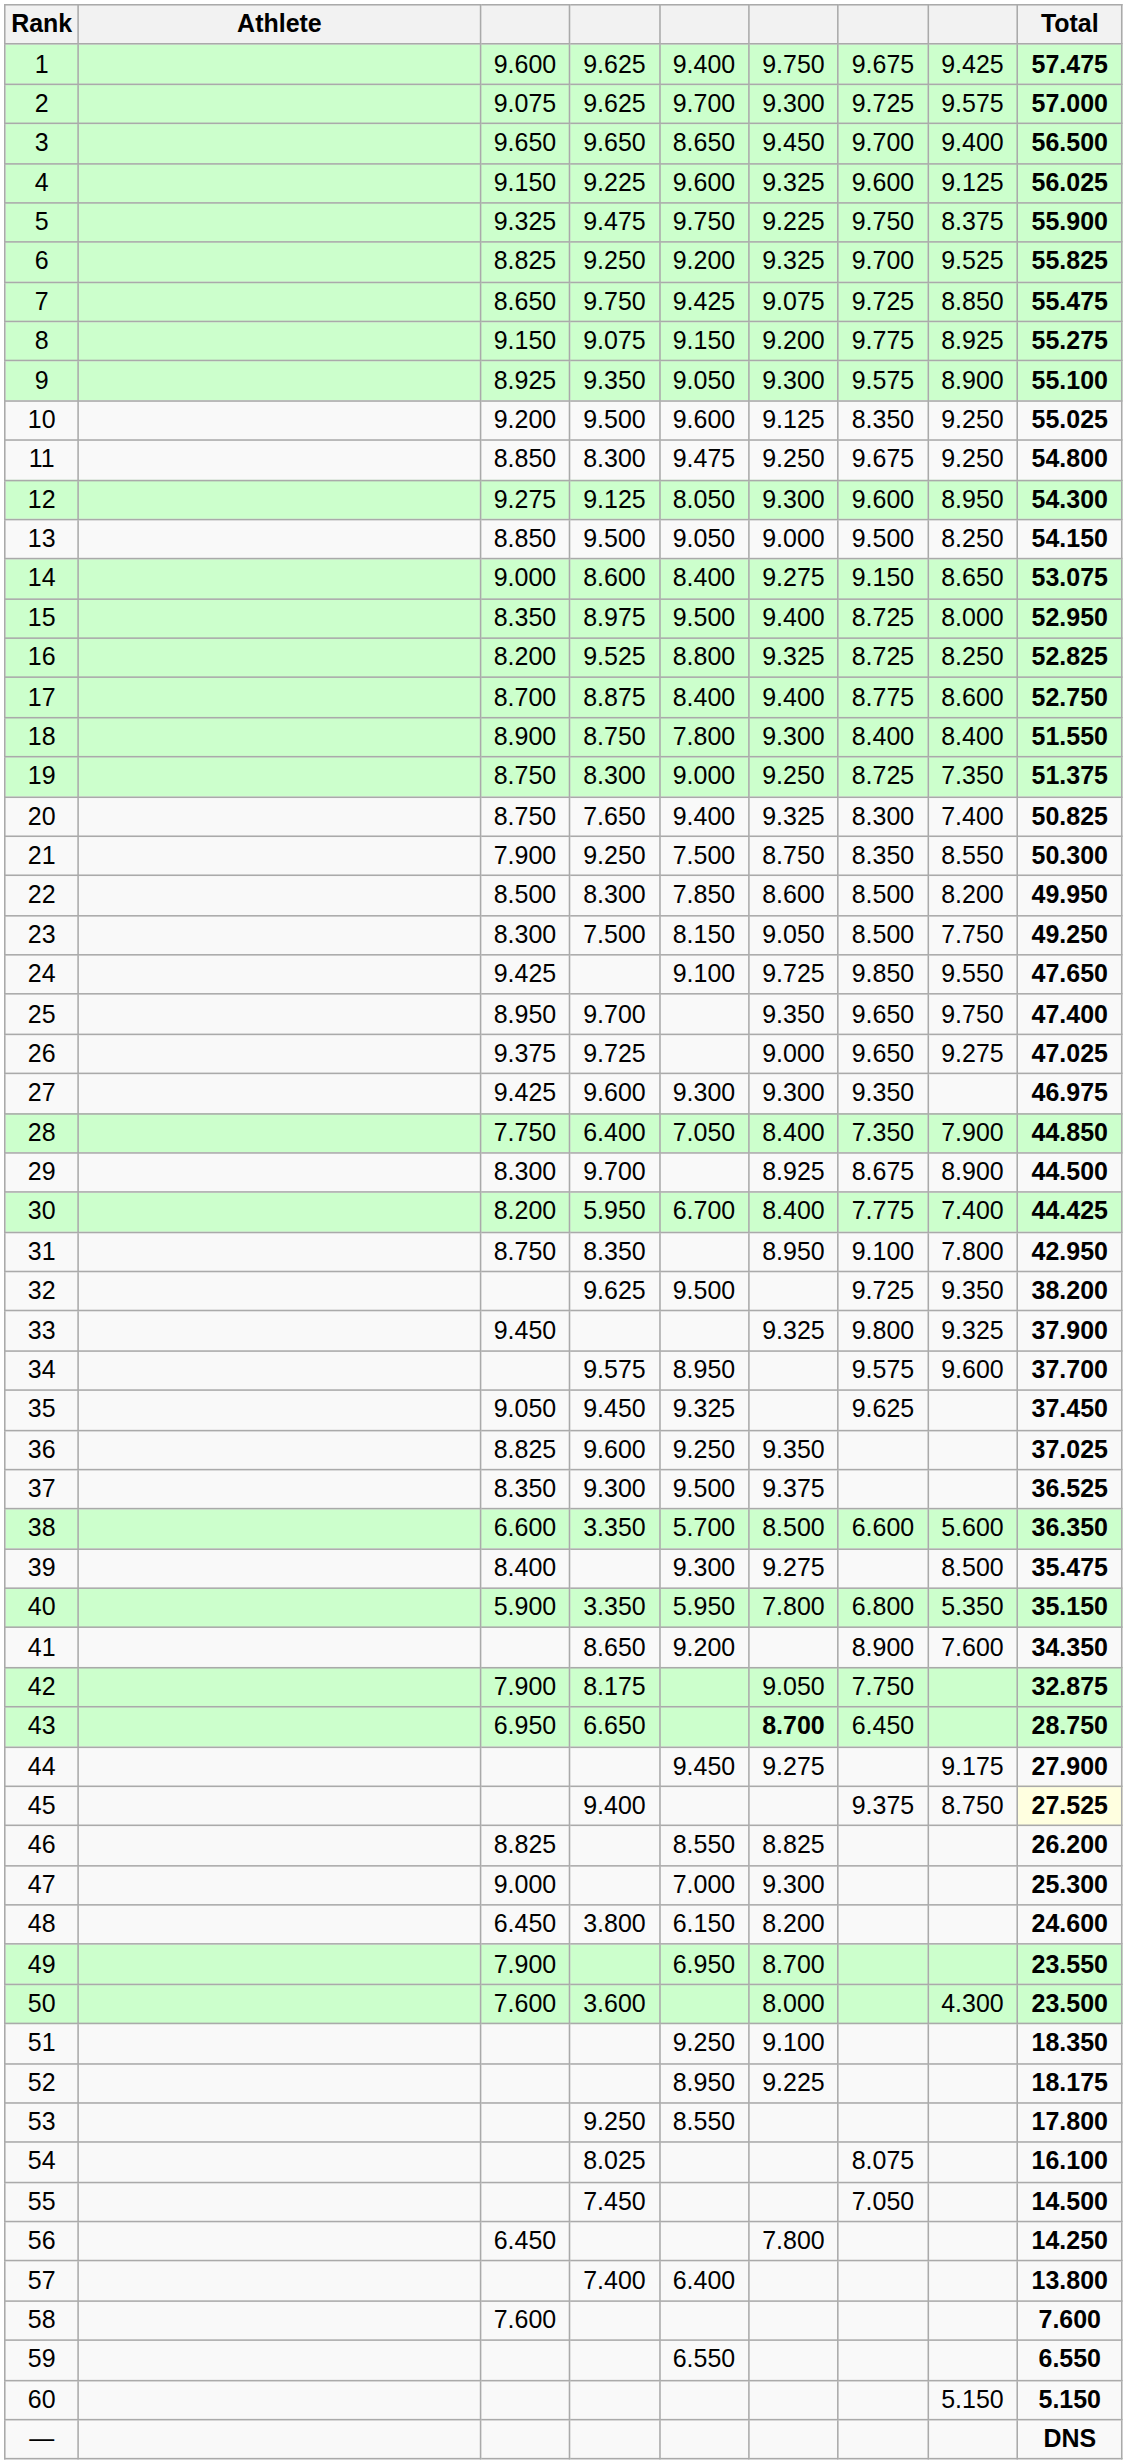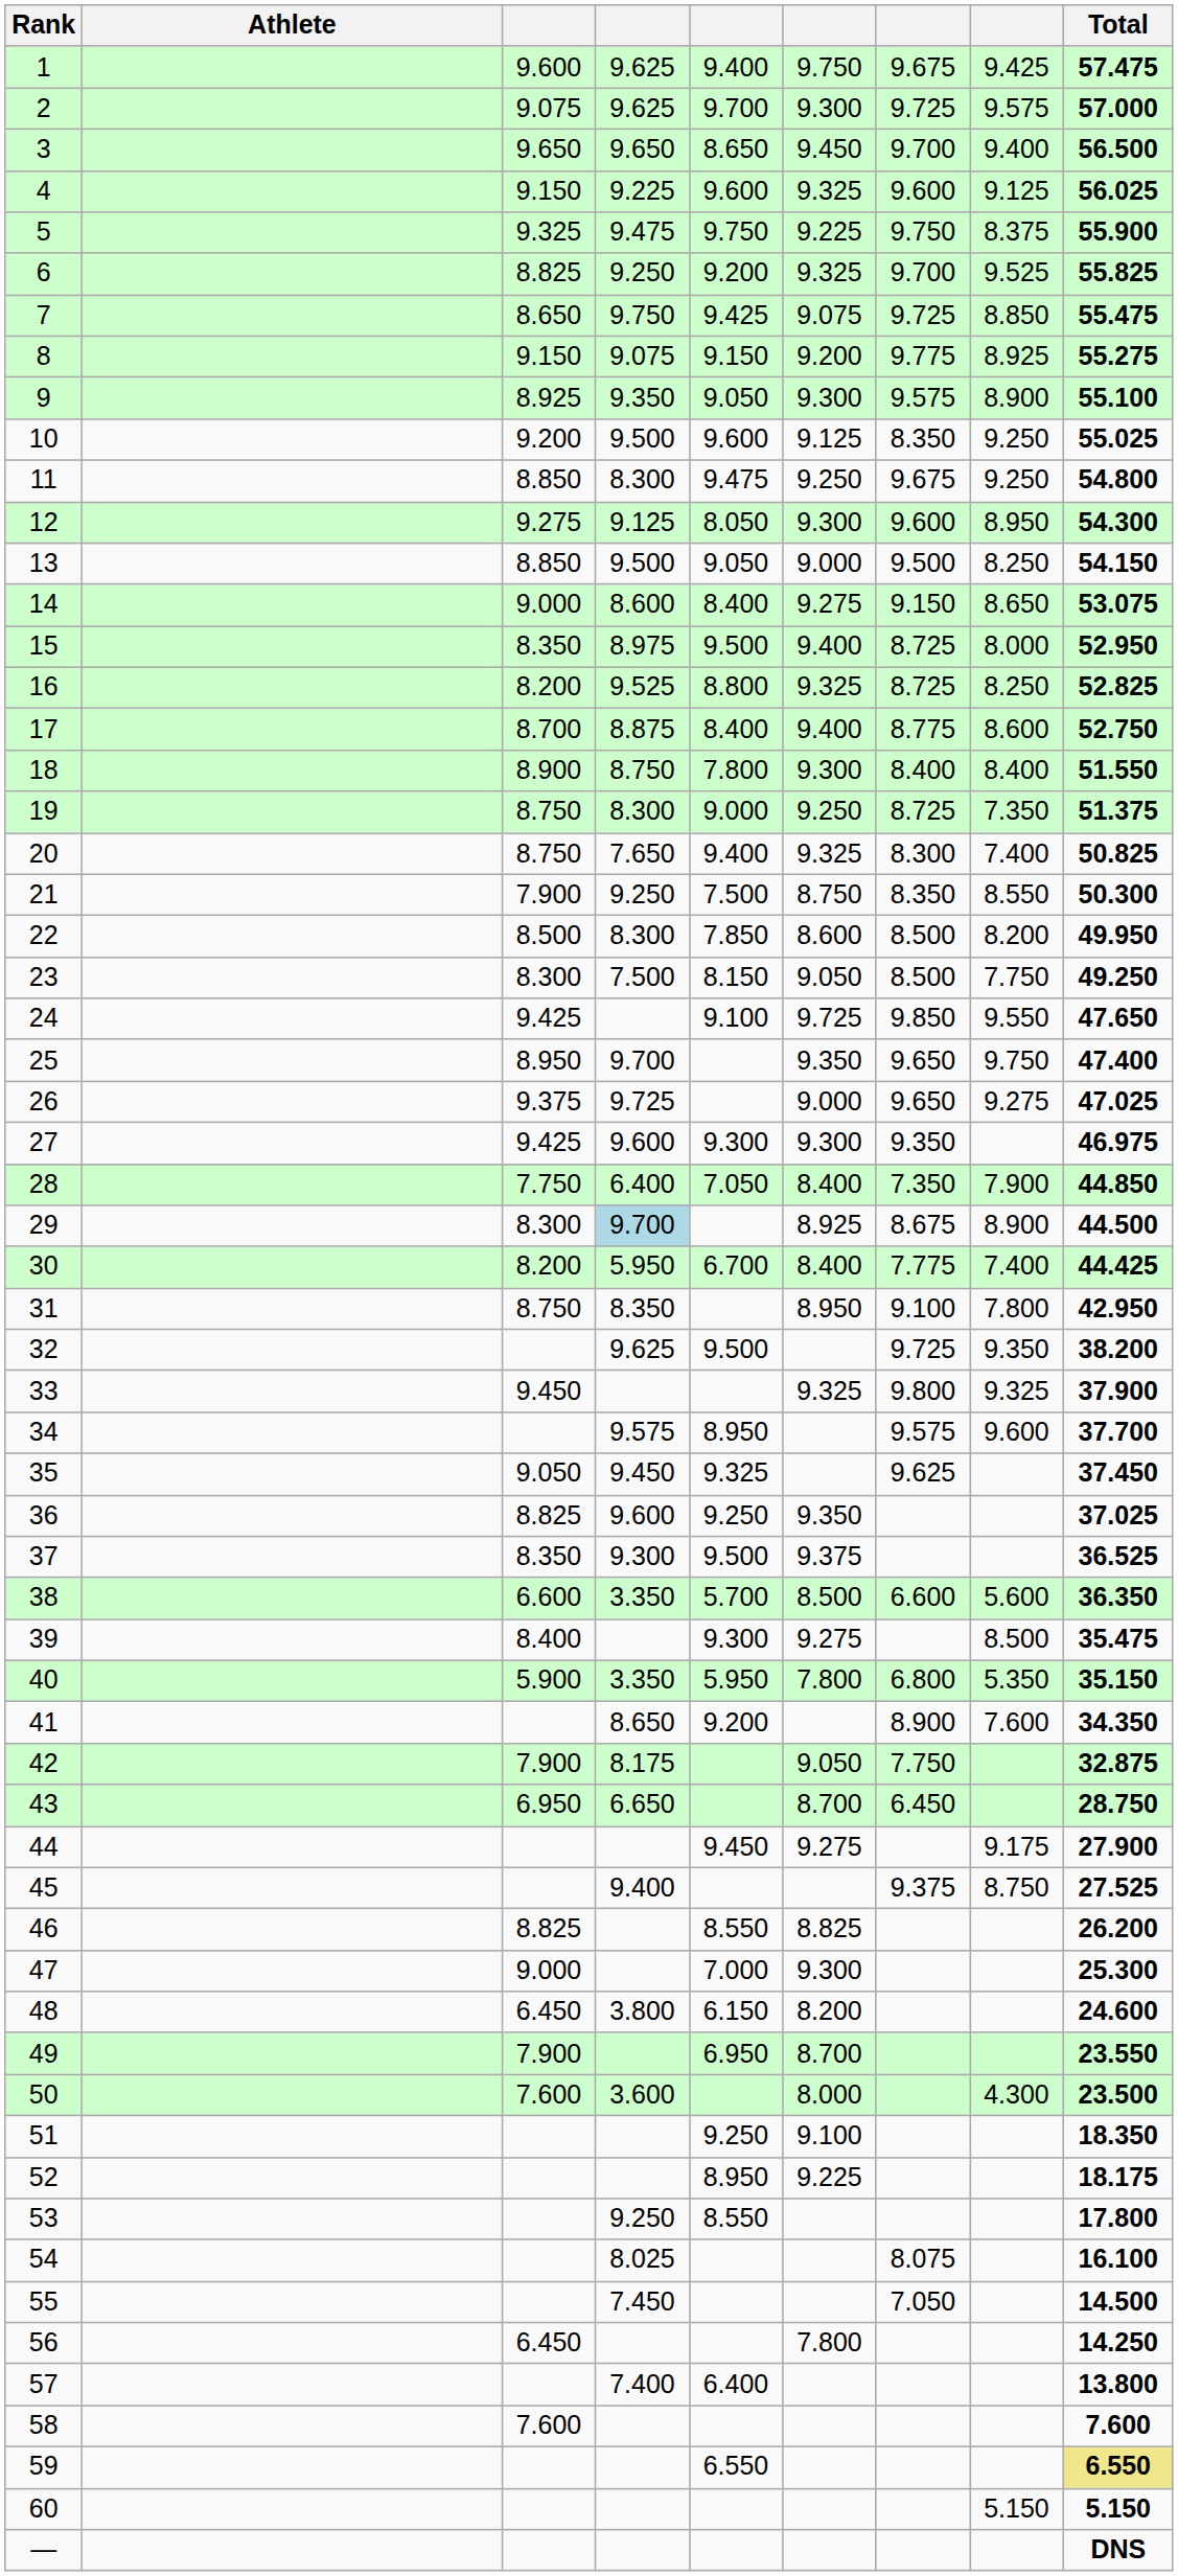 <table class=wikitable style="text-align:center">
 <tr>
 <th width=40>Rank</th>
 <th width=250>Athlete</th>
 <th width=50></th>
 <th width=50></th>
 <th width=50></th>
 <th width=50></th>
 <th width=50></th>
 <th width=50></th>
 <th width=60>Total</th>
 </tr>
 <tr bgcolor="ccffcc">
 <td>1</td>
 <td align=left></td>
 <td>9.600</td>
 <td>9.625</td>
 <td>9.400</td>
 <td>9.750</td>
 <td>9.675</td>
 <td>9.425</td>
 <td><strong>57.475</strong></td>
 </tr>
 <tr bgcolor="ccffcc">
 <td>2</td>
 <td align=left></td>
 <td>9.075</td>
 <td>9.625</td>
 <td>9.700</td>
 <td>9.300</td>
 <td>9.725</td>
 <td>9.575</td>
 <td><strong>57.000</strong></td>
 </tr>
 <tr bgcolor="ccffcc">
 <td>3</td>
 <td align=left></td>
 <td>9.650</td>
 <td>9.650</td>
 <td>8.650</td>
 <td>9.450</td>
 <td>9.700</td>
 <td>9.400</td>
 <td><strong>56.500</strong></td>
 </tr>
 <tr bgcolor="ccffcc">
 <td>4</td>
 <td align=left></td>
 <td>9.150</td>
 <td>9.225</td>
 <td>9.600</td>
 <td>9.325</td>
 <td>9.600</td>
 <td>9.125</td>
 <td><strong>56.025</strong></td>
 </tr>
 <tr bgcolor="ccffcc">
 <td>5</td>
 <td align=left></td>
 <td>9.325</td>
 <td>9.475</td>
 <td>9.750</td>
 <td>9.225</td>
 <td>9.750</td>
 <td>8.375</td>
 <td><strong>55.900</strong></td>
 </tr>
 <tr bgcolor="ccffcc">
 <td>6</td>
 <td align=left></td>
 <td>8.825</td>
 <td>9.250</td>
 <td>9.200</td>
 <td>9.325</td>
 <td>9.700</td>
 <td>9.525</td>
 <td><strong>55.825</strong></td>
 </tr>
 <tr bgcolor="ccffcc">
 <td>7</td>
 <td align=left></td>
 <td>8.650</td>
 <td>9.750</td>
 <td>9.425</td>
 <td>9.075</td>
 <td>9.725</td>
 <td>8.850</td>
 <td><strong>55.475</strong></td>
 </tr>
 <tr bgcolor="ccffcc">
 <td>8</td>
 <td align=left></td>
 <td>9.150</td>
 <td>9.075</td>
 <td>9.150</td>
 <td>9.200</td>
 <td>9.775</td>
 <td>8.925</td>
 <td><strong>55.275</strong></td>
 </tr>
 <tr bgcolor="ccffcc">
 <td>9</td>
 <td align=left></td>
 <td>8.925</td>
 <td>9.350</td>
 <td>9.050</td>
 <td>9.300</td>
 <td>9.575</td>
 <td>8.900</td>
 <td><strong>55.100</strong></td>
 </tr>
 <tr>
 <td>10</td>
 <td align=left></td>
 <td>9.200</td>
 <td>9.500</td>
 <td>9.600</td>
 <td>9.125</td>
 <td>8.350</td>
 <td>9.250</td>
 <td><strong>55.025</strong></td>
 </tr>
 <tr>
 <td>11</td>
 <td align=left></td>
 <td>8.850</td>
 <td>8.300</td>
 <td>9.475</td>
 <td>9.250</td>
 <td>9.675</td>
 <td>9.250</td>
 <td><strong>54.800</strong></td>
 </tr>
 <tr bgcolor="ccffcc">
 <td>12</td>
 <td align=left></td>
 <td>9.275</td>
 <td>9.125</td>
 <td>8.050</td>
 <td>9.300</td>
 <td>9.600</td>
 <td>8.950</td>
 <td><strong>54.300</strong></td>
 </tr>
 <tr>
 <td>13</td>
 <td align=left></td>
 <td>8.850</td>
 <td>9.500</td>
 <td>9.050</td>
 <td>9.000</td>
 <td>9.500</td>
 <td>8.250</td>
 <td><strong>54.150</strong></td>
 </tr>
 <tr bgcolor="ccffcc">
 <td>14</td>
 <td align=left></td>
 <td>9.000</td>
 <td>8.600</td>
 <td>8.400</td>
 <td>9.275</td>
 <td>9.150</td>
 <td>8.650</td>
 <td><strong>53.075</strong></td>
 </tr>
 <tr bgcolor="ccffcc">
 <td>15</td>
 <td align=left></td>
 <td>8.350</td>
 <td>8.975</td>
 <td>9.500</td>
 <td>9.400</td>
 <td>8.725</td>
 <td>8.000</td>
 <td><strong>52.950</strong></td>
 </tr>
 <tr bgcolor="ccffcc">
 <td>16</td>
 <td align=left></td>
 <td>8.200</td>
 <td>9.525</td>
 <td>8.800</td>
 <td>9.325</td>
 <td>8.725</td>
 <td>8.250</td>
 <td><strong>52.825</strong></td>
 </tr>
 <tr bgcolor="ccffcc">
 <td>17</td>
 <td align=left></td>
 <td>8.700</td>
 <td>8.875</td>
 <td>8.400</td>
 <td>9.400</td>
 <td>8.775</td>
 <td>8.600</td>
 <td><strong>52.750</strong></td>
 </tr>
 <tr bgcolor="ccffcc">
 <td>18</td>
 <td align=left></td>
 <td>8.900</td>
 <td>8.750</td>
 <td>7.800</td>
 <td>9.300</td>
 <td>8.400</td>
 <td>8.400</td>
 <td><strong>51.550</strong></td>
 </tr>
 <tr bgcolor="ccffcc">
 <td>19</td>
 <td align=left></td>
 <td>8.750</td>
 <td>8.300</td>
 <td>9.000</td>
 <td>9.250</td>
 <td>8.725</td>
 <td>7.350</td>
 <td><strong>51.375</strong></td>
 </tr>
 <tr>
 <td>20</td>
 <td align=left></td>
 <td>8.750</td>
 <td>7.650</td>
 <td>9.400</td>
 <td>9.325</td>
 <td>8.300</td>
 <td>7.400</td>
 <td><strong>50.825</strong></td>
 </tr>
 <tr>
 <td>21</td>
 <td align=left></td>
 <td>7.900</td>
 <td>9.250</td>
 <td>7.500</td>
 <td>8.750</td>
 <td>8.350</td>
 <td>8.550</td>
 <td><strong>50.300</strong></td>
 </tr>
 <tr>
 <td>22</td>
 <td align=left></td>
 <td>8.500</td>
 <td>8.300</td>
 <td>7.850</td>
 <td>8.600</td>
 <td>8.500</td>
 <td>8.200</td>
 <td><strong>49.950</strong></td>
 </tr>
 <tr>
 <td>23</td>
 <td align=left></td>
 <td>8.300</td>
 <td>7.500</td>
 <td>8.150</td>
 <td>9.050</td>
 <td>8.500</td>
 <td>7.750</td>
 <td><strong>49.250</strong></td>
 </tr>
 <tr>
 <td>24</td>
 <td align=left></td>
 <td>9.425</td>
 <td></td>
 <td>9.100</td>
 <td>9.725</td>
 <td>9.850</td>
 <td>9.550</td>
 <td><strong>47.650</strong></td>
 </tr>
 <tr>
 <td>25</td>
 <td align=left></td>
 <td>8.950</td>
 <td>9.700</td>
 <td></td>
 <td>9.350</td>
 <td>9.650</td>
 <td>9.750</td>
 <td><strong>47.400</strong></td>
 </tr>
 <tr>
 <td>26</td>
 <td align=left></td>
 <td>9.375</td>
 <td>9.725</td>
 <td></td>
 <td>9.000</td>
 <td>9.650</td>
 <td>9.275</td>
 <td><strong>47.025</strong></td>
 </tr>
 <tr>
 <td>27</td>
 <td align=left></td>
 <td>9.425</td>
 <td>9.600</td>
 <td>9.300</td>
 <td>9.300</td>
 <td>9.350</td>
 <td></td>
 <td><strong>46.975</strong></td>
 </tr>
 <tr bgcolor="ccffcc">
 <td>28</td>
 <td align=left></td>
 <td>7.750</td>
 <td>6.400</td>
 <td>7.050</td>
 <td>8.400</td>
 <td>7.350</td>
 <td>7.900</td>
 <td><strong>44.850</strong></td>
 </tr>
 <tr>
 <td>29</td>
 <td align=left></td>
 <td>8.300</td>
-<td>9.700</td>
+<td style="background: lightblue;">9.700</td>
 <td></td>
 <td>8.925</td>
 <td>8.675</td>
 <td>8.900</td>
 <td><strong>44.500</strong></td>
 </tr>
 <tr bgcolor="ccffcc">
 <td>30</td>
 <td align=left></td>
 <td>8.200</td>
 <td>5.950</td>
 <td>6.700</td>
 <td>8.400</td>
 <td>7.775</td>
 <td>7.400</td>
 <td><strong>44.425</strong></td>
 </tr>
 <tr>
 <td>31</td>
 <td align=left></td>
 <td>8.750</td>
 <td>8.350</td>
 <td></td>
 <td>8.950</td>
 <td>9.100</td>
 <td>7.800</td>
 <td><strong>42.950</strong></td>
 </tr>
 <tr>
 <td>32</td>
 <td align=left></td>
 <td></td>
 <td>9.625</td>
 <td>9.500</td>
 <td></td>
 <td>9.725</td>
 <td>9.350</td>
 <td><strong>38.200</strong></td>
 </tr>
 <tr>
 <td>33</td>
 <td align=left></td>
 <td>9.450</td>
 <td></td>
 <td></td>
 <td>9.325</td>
 <td>9.800</td>
 <td>9.325</td>
 <td><strong>37.900</strong></td>
 </tr>
 <tr>
 <td>34</td>
 <td align=left></td>
 <td></td>
 <td>9.575</td>
 <td>8.950</td>
 <td></td>
 <td>9.575</td>
 <td>9.600</td>
 <td><strong>37.700</strong></td>
 </tr>
 <tr>
 <td>35</td>
 <td align=left></td>
 <td>9.050</td>
 <td>9.450</td>
 <td>9.325</td>
 <td></td>
 <td>9.625</td>
 <td></td>
 <td><strong>37.450</strong></td>
 </tr>
 <tr>
 <td>36</td>
 <td align=left></td>
 <td>8.825</td>
 <td>9.600</td>
 <td>9.250</td>
 <td>9.350</td>
 <td></td>
 <td></td>
 <td><strong>37.025</strong></td>
 </tr>
 <tr>
 <td>37</td>
 <td align=left></td>
 <td>8.350</td>
 <td>9.300</td>
 <td>9.500</td>
 <td>9.375</td>
 <td></td>
 <td></td>
 <td><strong>36.525</strong></td>
 </tr>
 <tr bgcolor="ccffcc">
 <td>38</td>
 <td align=left></td>
 <td>6.600</td>
 <td>3.350</td>
 <td>5.700</td>
 <td>8.500</td>
 <td>6.600</td>
 <td>5.600</td>
 <td><strong>36.350</strong></td>
 </tr>
 <tr>
 <td>39</td>
 <td align=left></td>
 <td>8.400</td>
 <td></td>
 <td>9.300</td>
 <td>9.275</td>
 <td></td>
 <td>8.500</td>
 <td><strong>35.475</strong></td>
 </tr>
 <tr bgcolor="ccffcc">
 <td>40</td>
 <td align=left></td>
 <td>5.900</td>
 <td>3.350</td>
 <td>5.950</td>
 <td>7.800</td>
 <td>6.800</td>
 <td>5.350</td>
 <td><strong>35.150</strong></td>
 </tr>
 <tr>
 <td>41</td>
 <td align=left></td>
 <td></td>
 <td>8.650</td>
 <td>9.200</td>
 <td></td>
 <td>8.900</td>
 <td>7.600</td>
 <td><strong>34.350</strong></td>
 </tr>
 <tr bgcolor="ccffcc">
 <td>42</td>
 <td align=left></td>
 <td>7.900</td>
 <td>8.175</td>
 <td></td>
 <td>9.050</td>
 <td>7.750</td>
 <td></td>
 <td><strong>32.875</strong></td>
 </tr>
 <tr bgcolor="ccffcc">
 <td>43</td>
 <td align=left></td>
 <td>6.950</td>
 <td>6.650</td>
 <td></td>
-<td><strong>8.700</strong></td>
+<td>8.700</td>
 <td>6.450</td>
 <td></td>
 <td><strong>28.750</strong></td>
 </tr>
 <tr>
 <td>44</td>
 <td align=left></td>
 <td></td>
 <td></td>
 <td>9.450</td>
 <td>9.275</td>
 <td></td>
 <td>9.175</td>
 <td><strong>27.900</strong></td>
 </tr>
 <tr>
 <td>45</td>
 <td align=left></td>
 <td></td>
 <td>9.400</td>
 <td></td>
 <td></td>
 <td>9.375</td>
 <td>8.750</td>
-<td style="background: lightyellow;"><strong>27.525</strong></td>
+<td><strong>27.525</strong></td>
 </tr>
 <tr>
 <td>46</td>
 <td align=left></td>
 <td>8.825</td>
 <td></td>
 <td>8.550</td>
 <td>8.825</td>
 <td></td>
 <td></td>
 <td><strong>26.200</strong></td>
 </tr>
 <tr>
 <td>47</td>
 <td align=left></td>
 <td>9.000</td>
 <td></td>
 <td>7.000</td>
 <td>9.300</td>
 <td></td>
 <td></td>
 <td><strong>25.300</strong></td>
 </tr>
 <tr>
 <td>48</td>
 <td align=left></td>
 <td>6.450</td>
 <td>3.800</td>
 <td>6.150</td>
 <td>8.200</td>
 <td></td>
 <td></td>
 <td><strong>24.600</strong></td>
 </tr>
 <tr bgcolor="ccffcc">
 <td>49</td>
 <td align=left></td>
 <td>7.900</td>
 <td></td>
 <td>6.950</td>
 <td>8.700</td>
 <td></td>
 <td></td>
 <td><strong>23.550</strong></td>
 </tr>
 <tr bgcolor="ccffcc">
 <td>50 </td>
 <td align=left></td>
 <td>7.600</td>
 <td>3.600</td>
 <td></td>
 <td>8.000</td>
 <td></td>
 <td>4.300</td>
 <td><strong>23.500</strong></td>
 </tr>
 <tr>
 <td>51</td>
 <td align=left></td>
 <td></td>
 <td></td>
 <td>9.250</td>
 <td>9.100</td>
 <td></td>
 <td></td>
 <td><strong>18.350</strong></td>
 </tr>
 <tr>
 <td>52</td>
 <td align=left></td>
 <td></td>
 <td></td>
 <td>8.950</td>
 <td>9.225</td>
 <td></td>
 <td></td>
 <td><strong>18.175</strong></td>
 </tr>
 <tr>
 <td>53</td>
 <td align=left></td>
 <td></td>
 <td>9.250</td>
 <td>8.550</td>
 <td></td>
 <td></td>
 <td></td>
 <td><strong>17.800</strong></td>
 </tr>
 <tr>
 <td>54</td>
 <td align=left></td>
 <td></td>
 <td>8.025</td>
 <td></td>
 <td></td>
 <td>8.075</td>
 <td></td>
 <td><strong>16.100</strong></td>
 </tr>
 <tr>
 <td>55</td>
 <td align=left></td>
 <td></td>
 <td>7.450</td>
 <td></td>
 <td></td>
 <td>7.050</td>
 <td></td>
 <td><strong>14.500</strong></td>
 </tr>
 <tr>
 <td>56 </td>
 <td align=left></td>
 <td>6.450</td>
 <td></td>
 <td></td>
 <td>7.800</td>
 <td></td>
 <td></td>
 <td><strong>14.250</strong></td>
 </tr>
 <tr>
 <td>57</td>
 <td align=left></td>
 <td></td>
 <td>7.400</td>
 <td>6.400</td>
 <td></td>
 <td></td>
 <td></td>
 <td><strong>13.800</strong></td>
 </tr>
 <tr>
 <td>58</td>
 <td align=left></td>
 <td>7.600</td>
 <td></td>
 <td></td>
 <td></td>
 <td></td>
 <td></td>
 <td><strong>7.600</strong></td>
 </tr>
 <tr>
 <td>59</td>
 <td align=left></td>
 <td></td>
 <td></td>
 <td>6.550</td>
 <td></td>
 <td></td>
 <td></td>
-<td><strong>6.550</strong></td>
+<td style="background: khaki;"><strong>6.550</strong></td>
 </tr>
 <tr>
 <td>60</td>
 <td align=left></td>
 <td></td>
 <td></td>
 <td></td>
 <td></td>
 <td></td>
 <td>5.150</td>
 <td><strong>5.150</strong></td>
 </tr>
 <tr>
 <td>—</td>
 <td align=left></td>
 <td></td>
 <td></td>
 <td></td>
 <td></td>
 <td></td>
 <td></td>
 <td><strong>DNS</strong></td>
 </tr>
 </table>
